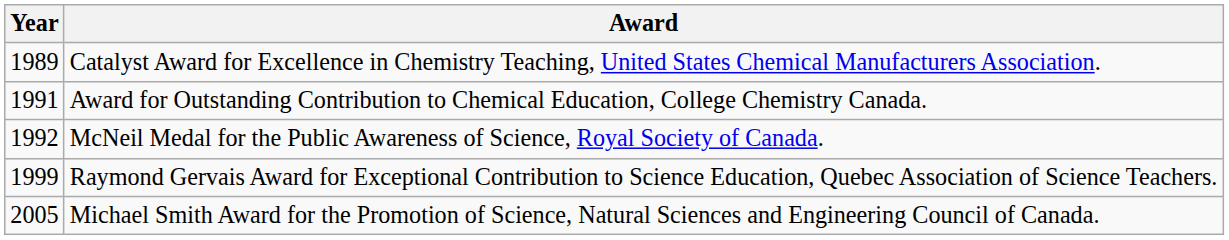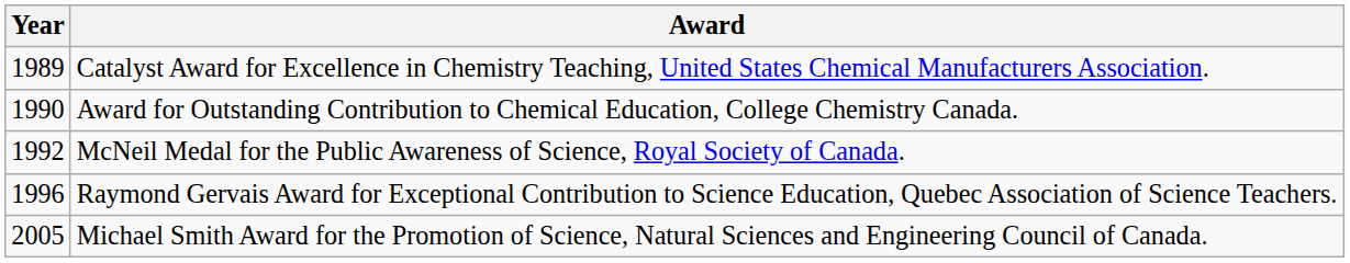 <table class="wikitable">
 <tr>
 <th>Year</th>
 <th>Award</th>
 </tr>
 <tr>
 <td>1989</td>
 <td>Catalyst Award for Excellence in Chemistry Teaching, <a href='#'>United States Chemical Manufacturers Association</a>.</td>
 </tr>
 <tr>
-<td>1991</td>
+<td>1990</td>
 <td>Award for Outstanding Contribution to Chemical Education, College Chemistry Canada.</td>
 </tr>
 <tr>
 <td>1992</td>
 <td>McNeil Medal for the Public Awareness of Science, <a href='#'>Royal Society of Canada</a>.</td>
 </tr>
 <tr>
-<td>1999</td>
+<td>1996</td>
 <td>Raymond Gervais Award for Exceptional Contribution to Science Education, Quebec Association of Science Teachers.</td>
 </tr>
 <tr>
 <td>2005</td>
 <td>Michael Smith Award for the Promotion of Science, Natural Sciences and Engineering Council of Canada.</td>
 </tr>
 </table>
